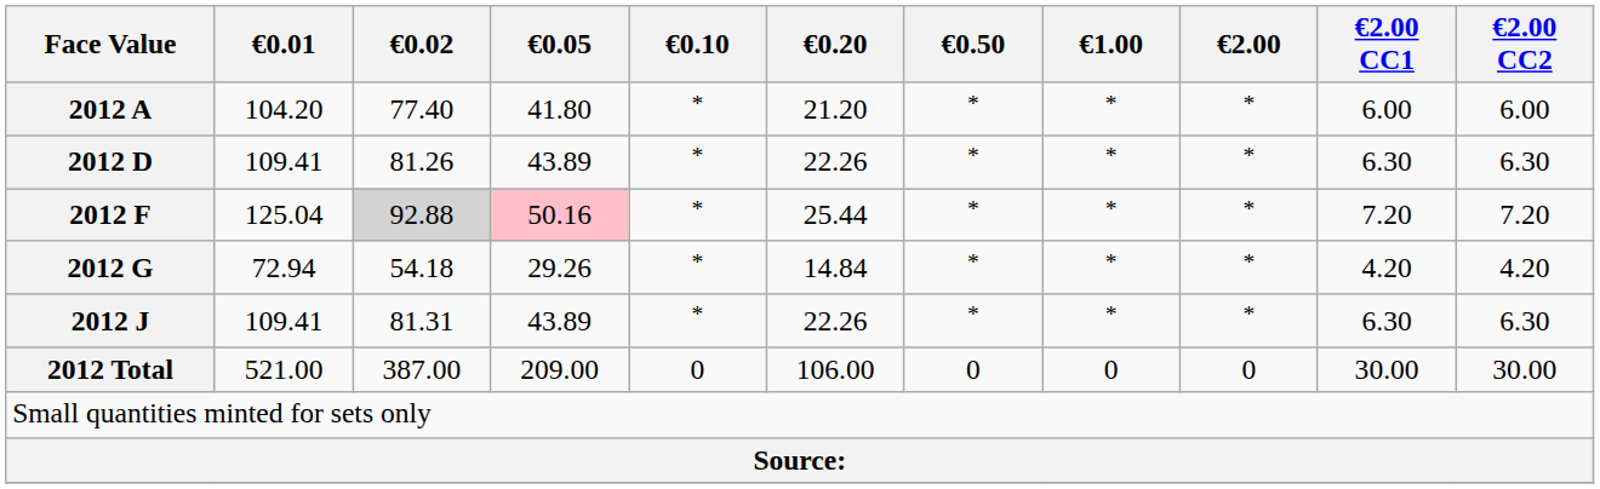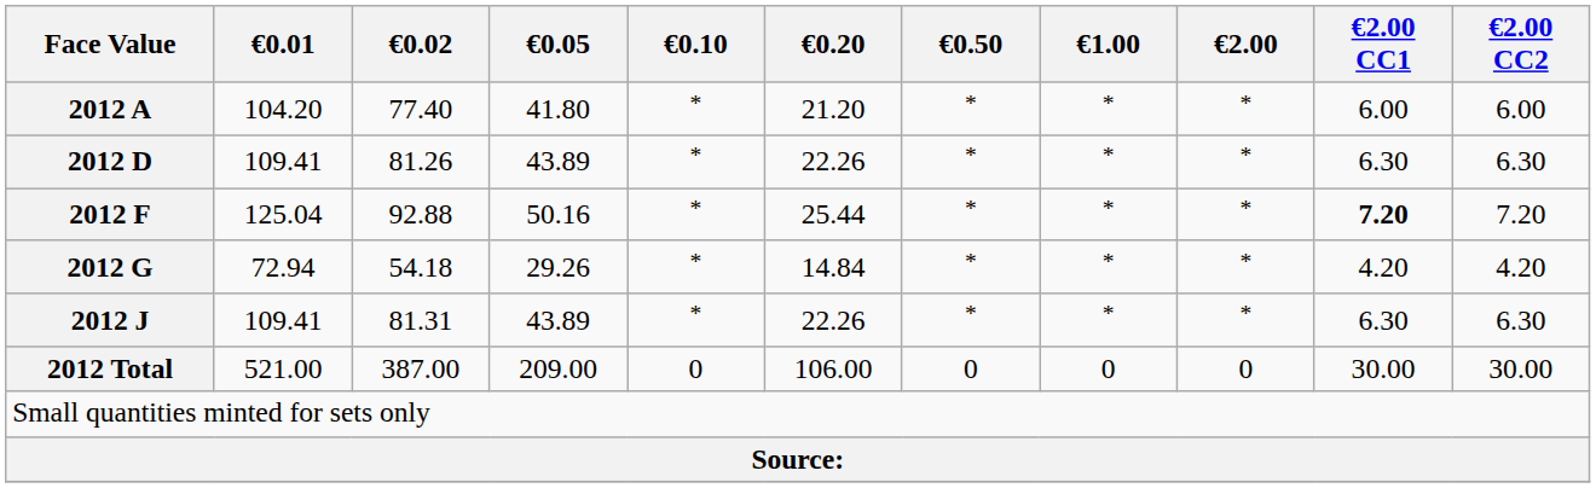 <table class="wikitable" style="text-align:center">
 <tr>
 <th align=left width=110px>Face Value</th>
 <th align=left width=70px>€0.01</th>
 <th align=left width=70px>€0.02</th>
 <th align=left width=70px>€0.05</th>
 <th align=left width=70px>€0.10</th>
 <th align=left width=70px>€0.20</th>
 <th align=left width=70px>€0.50</th>
 <th align=left width=70px>€1.00</th>
 <th align=left width=70px>€2.00</th>
 <th align=left width=70px><a href='#'>€2.00 CC1</a></th>
 <th align=left width=70px><a href='#'>€2.00 CC2</a></th>
 </tr>
 <tr>
 <th>2012 A</th>
 <td>104.20</td>
 <td>77.40</td>
 <td>41.80</td>
 <td><sup>*</sup></td>
 <td>21.20</td>
 <td><sup>*</sup></td>
 <td><sup>*</sup></td>
 <td><sup>*</sup></td>
 <td>6.00</td>
 <td>6.00</td>
 </tr>
 <tr>
 <th>2012 D</th>
 <td>109.41</td>
 <td>81.26</td>
 <td>43.89</td>
 <td><sup>*</sup></td>
 <td>22.26</td>
 <td><sup>*</sup></td>
 <td><sup>*</sup></td>
 <td><sup>*</sup></td>
 <td>6.30</td>
 <td>6.30</td>
 </tr>
 <tr>
 <th>2012 F</th>
 <td>125.04</td>
-<td style="background: lightgrey;">92.88</td>
-<td style="background: pink;">50.16</td>
+<td>92.88</td>
+<td>50.16</td>
 <td><sup>*</sup></td>
 <td>25.44</td>
 <td><sup>*</sup></td>
 <td><sup>*</sup></td>
 <td><sup>*</sup></td>
-<td>7.20</td>
+<td><strong>7.20</strong></td>
 <td>7.20</td>
 </tr>
 <tr>
 <th>2012 G</th>
 <td>72.94</td>
 <td>54.18</td>
 <td>29.26</td>
 <td><sup>*</sup></td>
 <td>14.84</td>
 <td><sup>*</sup></td>
 <td><sup>*</sup></td>
 <td><sup>*</sup></td>
 <td>4.20</td>
 <td>4.20</td>
 </tr>
 <tr>
 <th>2012 J</th>
 <td>109.41</td>
 <td>81.31</td>
 <td>43.89</td>
 <td><sup>*</sup></td>
 <td>22.26</td>
 <td><sup>*</sup></td>
 <td><sup>*</sup></td>
 <td><sup>*</sup></td>
 <td>6.30</td>
 <td>6.30</td>
 </tr>
 <tr>
 <th>2012 Total</th>
 <td>521.00</td>
 <td>387.00</td>
 <td>209.00</td>
 <td>0</td>
 <td>106.00</td>
 <td>0</td>
 <td>0</td>
 <td>0</td>
 <td>30.00</td>
 <td>30.00</td>
 </tr>
 <tr>
 <td align=left colspan=11> Small quantities minted for sets only</td>
 </tr>
 <tr>
 <th colspan=11>Source:</th>
 </tr>
 <tr>
 </tr>
 </table>
